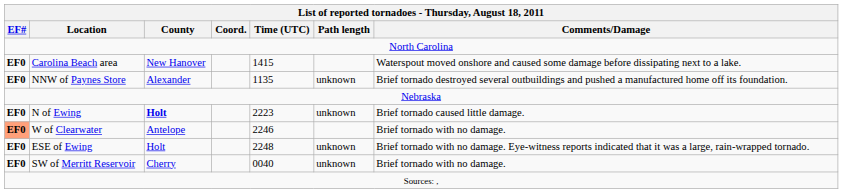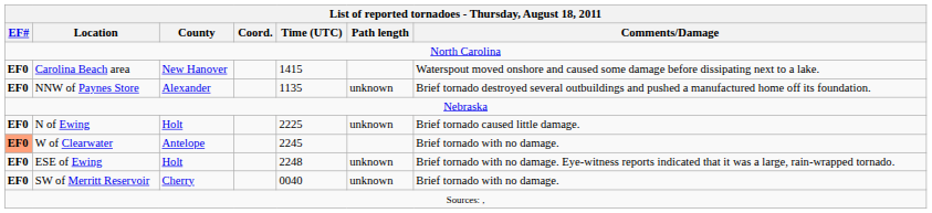 <table class="wikitable collapsible" width="100%">
 <tr>
 <th colspan="7">List of reported tornadoes - Thursday, August 18, 2011</th>
 </tr>
 <tr>
 <th><a href='#'>EF#</a></th>
 <th>Location</th>
 <th>County</th>
 <th>Coord.</th>
 <th>Time (UTC)</th>
 <th>Path length</th>
 <th>Comments/Damage</th>
 </tr>
 <tr>
 <td colspan="7" align=center><a href='#'>North Carolina</a></td>
 </tr>
 <tr>
 <td><strong>EF0</strong></td>
 <td><a href='#'>Carolina Beach</a> area</td>
 <td><a href='#'>New Hanover</a></td>
 <td></td>
 <td>1415</td>
 <td></td>
 <td>Waterspout moved onshore and caused some damage before dissipating next to a lake.</td>
 </tr>
 <tr>
 <td><strong>EF0</strong></td>
 <td>NNW of <a href='#'>Paynes Store</a></td>
 <td><a href='#'>Alexander</a></td>
 <td></td>
 <td>1135</td>
 <td>unknown</td>
 <td>Brief tornado destroyed several outbuildings and pushed a manufactured home off its foundation.</td>
 </tr>
 <tr>
 <td colspan="7" align=center><a href='#'>Nebraska</a></td>
 </tr>
 <tr>
 <td><strong>EF0</strong></td>
 <td>N of <a href='#'>Ewing</a></td>
-<td><strong><a href='#'>Holt</a></strong></td>
+<td><a href='#'>Holt</a></td>
 <td></td>
-<td>2223</td>
+<td>2225</td>
 <td>unknown</td>
 <td>Brief tornado caused little damage.</td>
 </tr>
 <tr>
 <td style="background: lightsalmon;"><strong>EF0</strong></td>
 <td>W of <a href='#'>Clearwater</a></td>
 <td><a href='#'>Antelope</a></td>
 <td></td>
-<td>2246</td>
+<td>2245</td>
 <td></td>
 <td>Brief tornado with no damage.</td>
 </tr>
 <tr>
 <td><strong>EF0</strong></td>
 <td>ESE of <a href='#'>Ewing</a></td>
 <td><a href='#'>Holt</a></td>
 <td></td>
 <td>2248</td>
 <td>unknown</td>
 <td>Brief tornado with no damage. Eye-witness reports indicated that it was a large, rain-wrapped tornado.</td>
 </tr>
 <tr>
 <td><strong>EF0</strong></td>
 <td>SW of <a href='#'>Merritt Reservoir</a></td>
 <td><a href='#'>Cherry</a></td>
 <td></td>
 <td>0040</td>
 <td>unknown</td>
 <td>Brief tornado with no damage.</td>
 </tr>
 <tr>
 <td colspan="7" align=center><small>Sources: , </small></td>
 </tr>
 </table>
